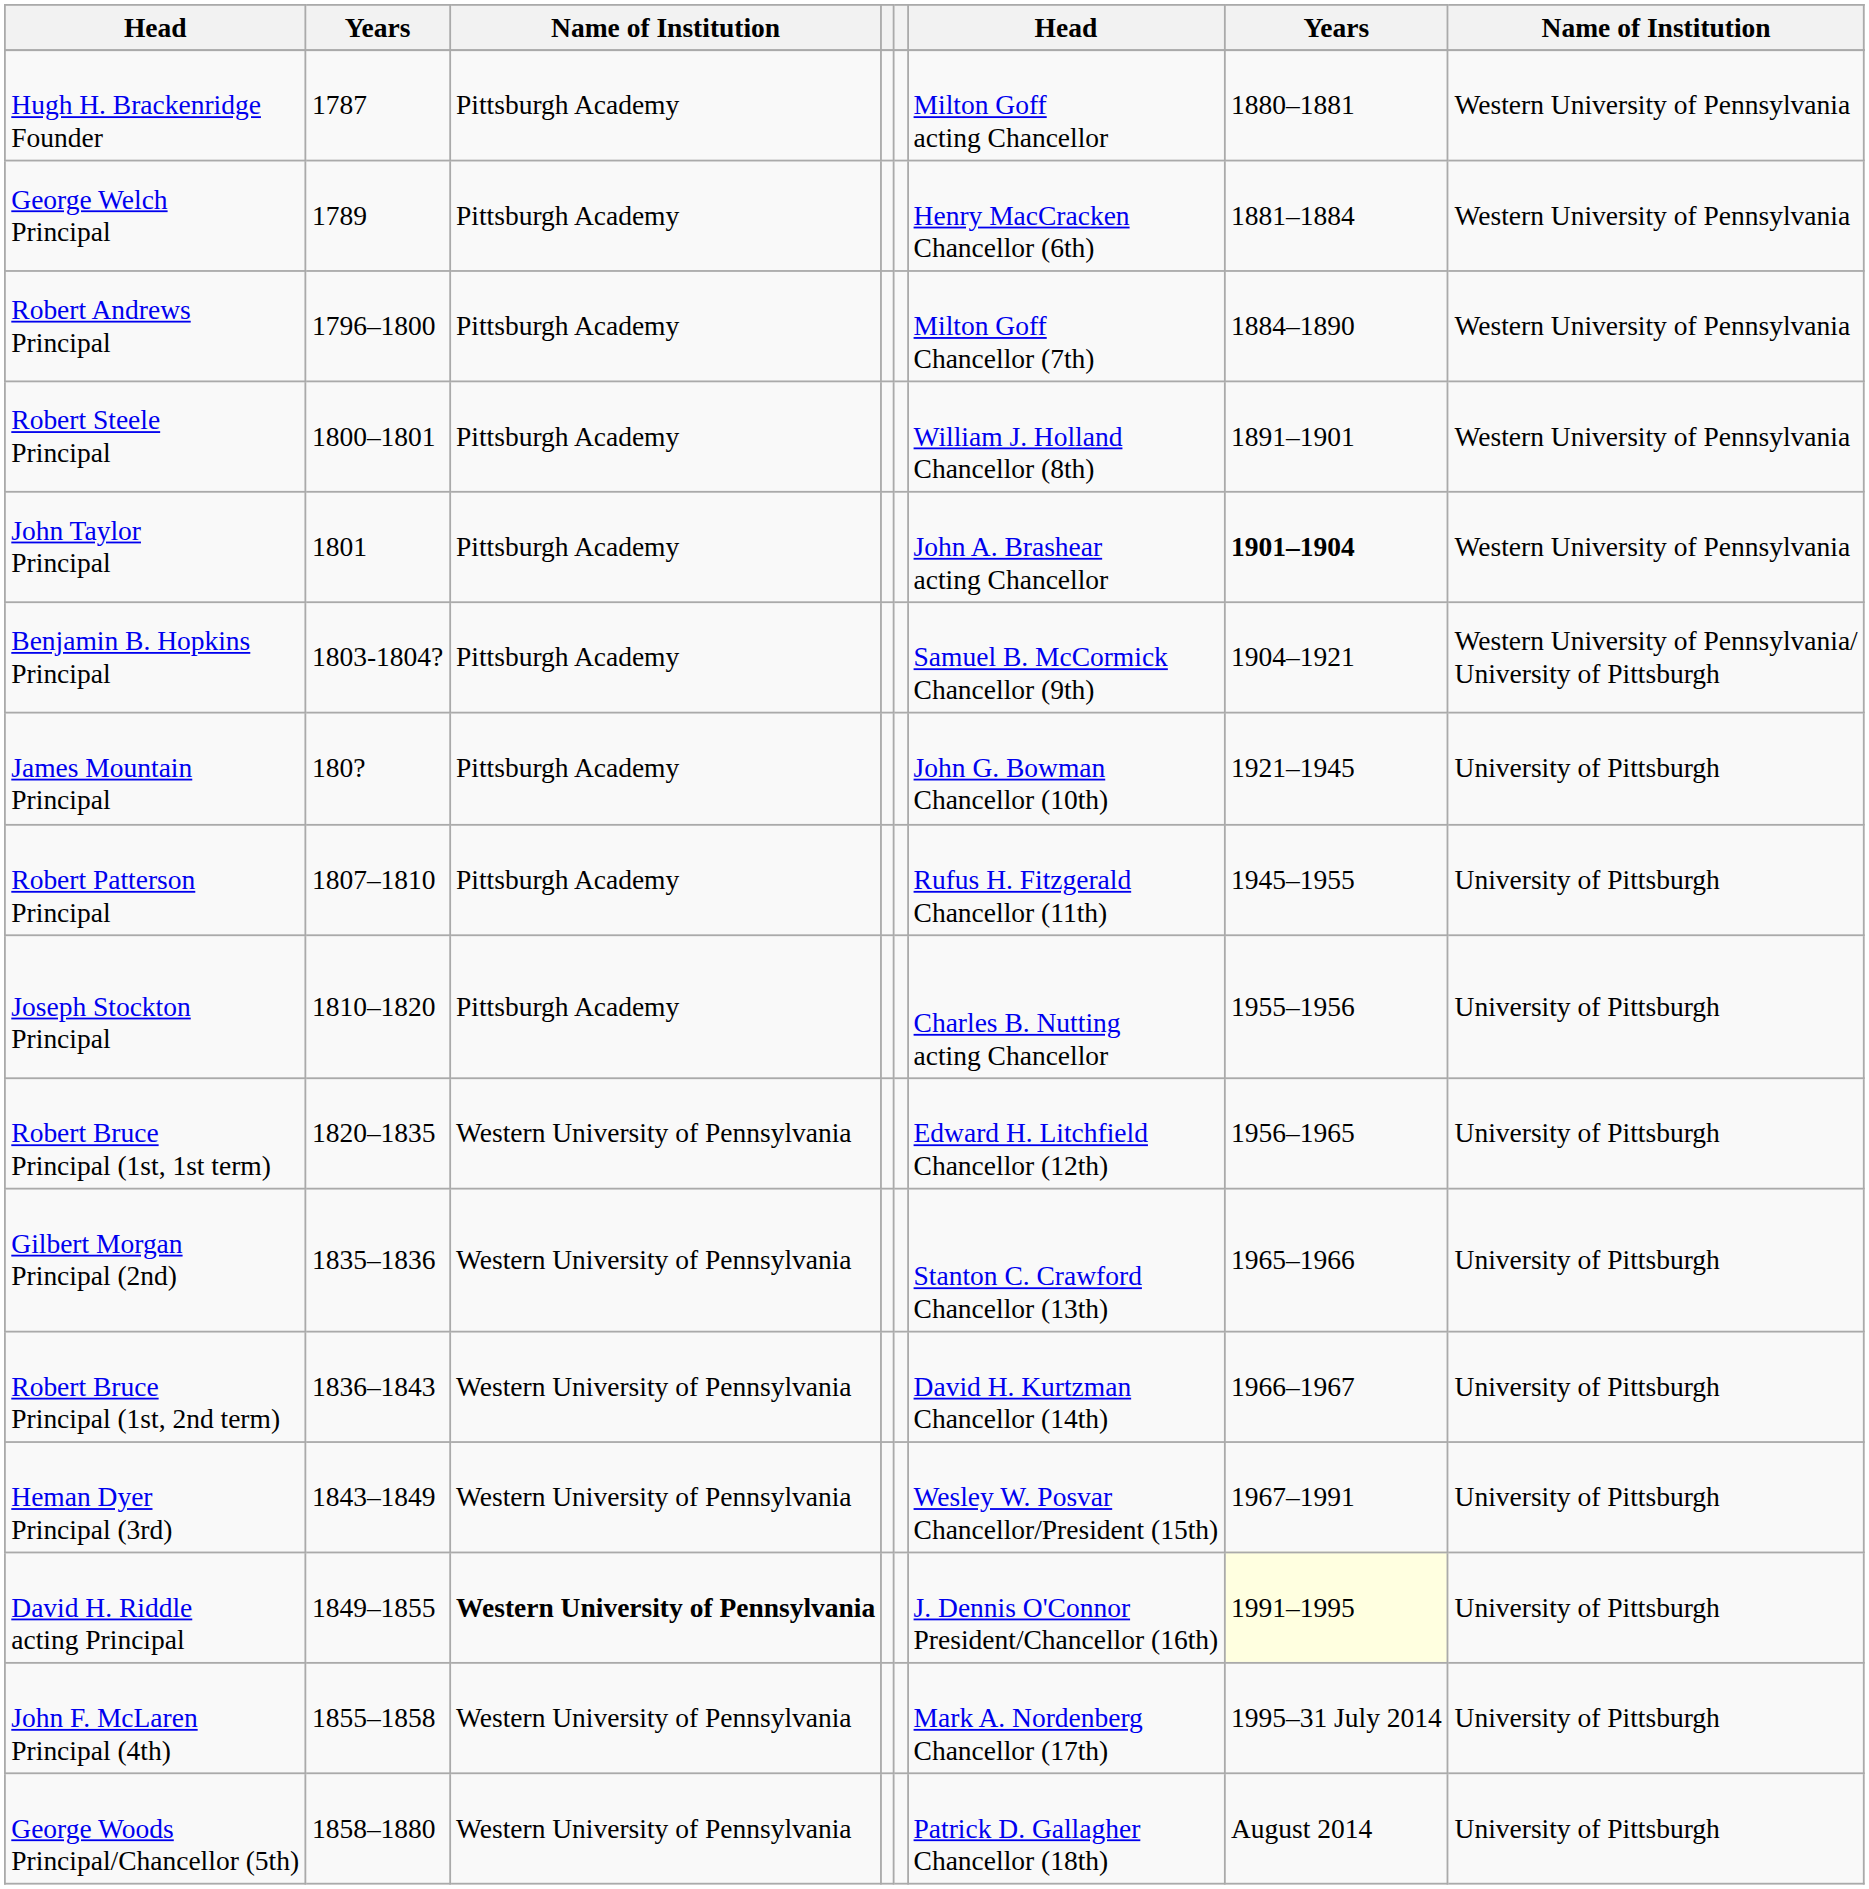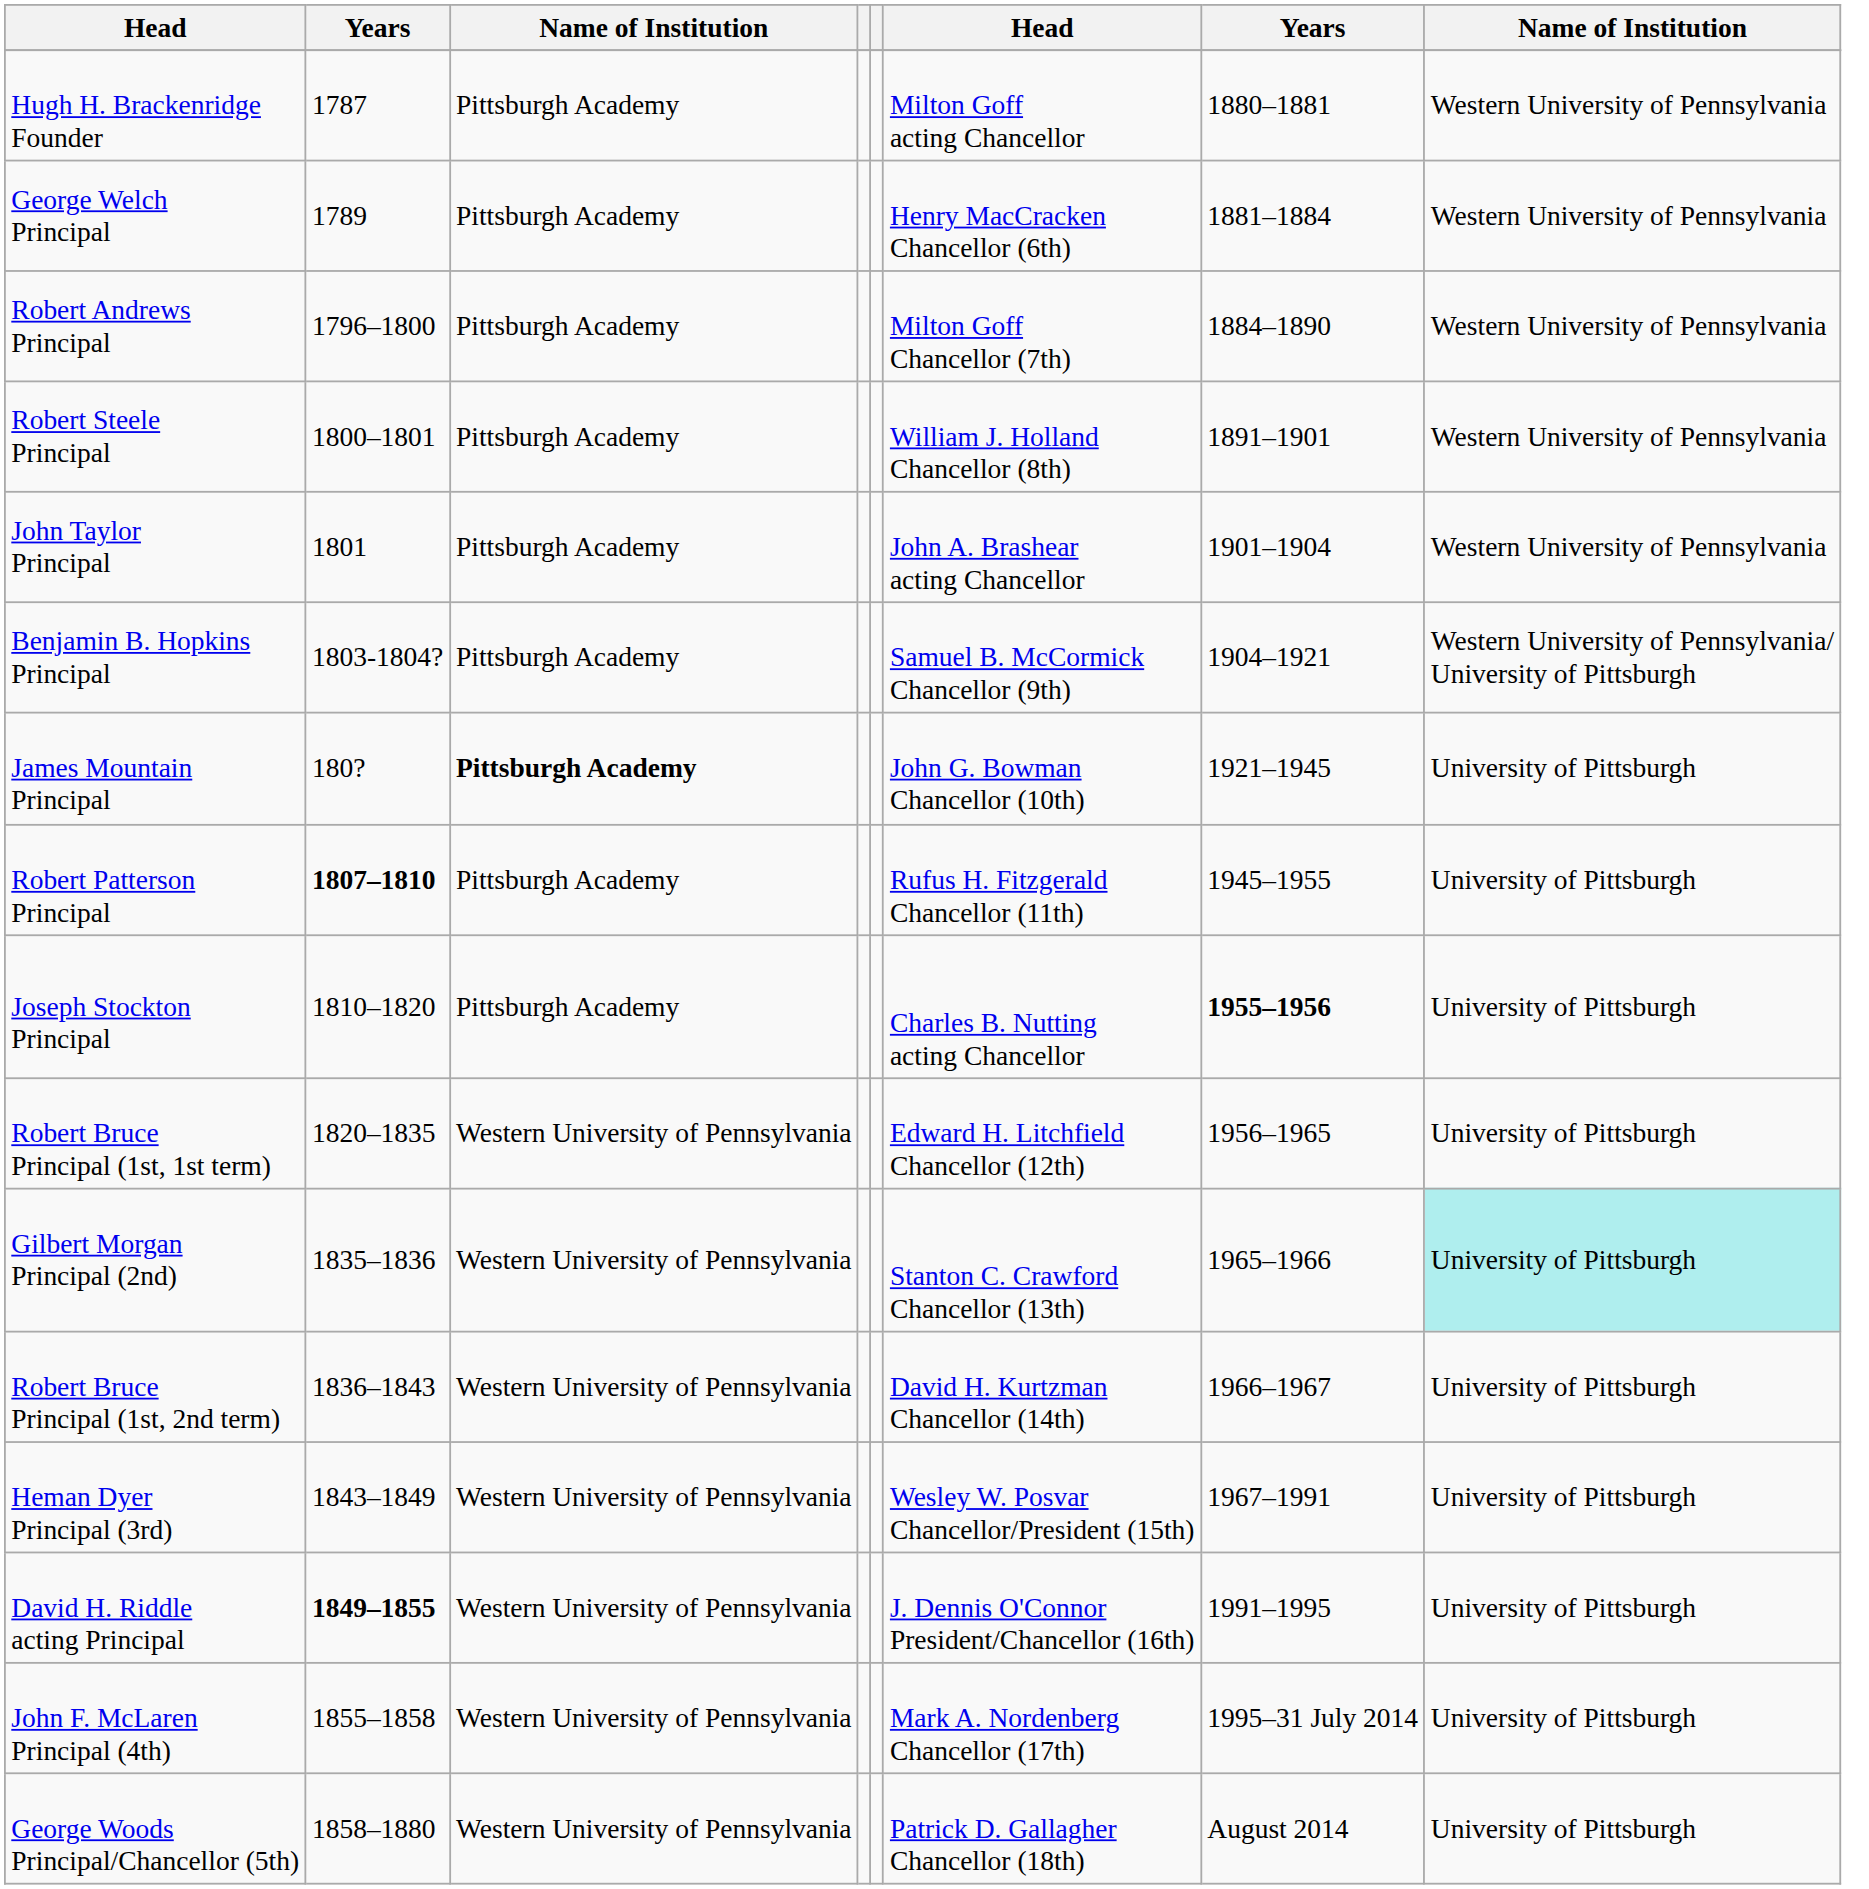 <table class="wikitable" style="font-size: 95%;">
 <tr>
 <th>Head</th>
 <th>Years</th>
 <th>Name of Institution</th>
 <th></th>
 <th></th>
 <th>Head</th>
 <th>Years</th>
 <th>Name of Institution</th>
 </tr>
 <tr>
 </tr>
 <tr>
 <td><br><a href='#'>Hugh H. Brackenridge</a><br>Founder</td>
 <td>1787</td>
 <td>Pittsburgh Academy</td>
 <td></td>
 <td></td>
 <td><br><a href='#'>Milton Goff</a><br>acting Chancellor</td>
 <td>1880–1881</td>
 <td>Western University of Pennsylvania</td>
 </tr>
 <tr>
 <td><a href='#'>George Welch</a><br>Principal</td>
 <td>1789</td>
 <td>Pittsburgh Academy</td>
 <td></td>
 <td></td>
 <td><br><a href='#'>Henry MacCracken</a><br>Chancellor (6th)</td>
 <td>1881–1884</td>
 <td>Western University of Pennsylvania</td>
 </tr>
 <tr>
 <td><a href='#'>Robert Andrews</a><br>Principal</td>
 <td>1796–1800</td>
 <td>Pittsburgh Academy</td>
 <td></td>
 <td></td>
 <td><br><a href='#'>Milton Goff</a><br>Chancellor (7th)</td>
 <td>1884–1890</td>
 <td>Western University of Pennsylvania</td>
 </tr>
 <tr>
 <td><a href='#'>Robert Steele</a><br>Principal</td>
 <td>1800–1801</td>
 <td>Pittsburgh Academy</td>
 <td></td>
 <td></td>
 <td><br><a href='#'>William J. Holland</a><br>Chancellor (8th)</td>
 <td>1891–1901</td>
 <td>Western University of Pennsylvania</td>
 </tr>
 <tr>
 <td><a href='#'>John Taylor</a><br>Principal</td>
 <td>1801</td>
 <td>Pittsburgh Academy</td>
 <td></td>
 <td></td>
 <td><br><a href='#'>John A. Brashear</a><br>acting Chancellor</td>
-<td><strong>1901–1904</strong></td>
+<td>1901–1904</td>
 <td>Western University of Pennsylvania</td>
 </tr>
 <tr>
 <td><a href='#'>Benjamin B. Hopkins</a><br>Principal</td>
 <td>1803-1804?</td>
 <td>Pittsburgh Academy</td>
 <td></td>
 <td></td>
 <td><br><a href='#'>Samuel B. McCormick</a><br>Chancellor (9th)</td>
 <td>1904–1921</td>
 <td>Western University of Pennsylvania/<br>University of Pittsburgh</td>
 </tr>
 <tr>
 <td><br><a href='#'>James Mountain</a><br>Principal</td>
 <td>180?</td>
-<td>Pittsburgh Academy</td>
+<td><strong>Pittsburgh Academy</strong></td>
 <td></td>
 <td></td>
 <td><br><a href='#'>John G. Bowman</a><br>Chancellor (10th)</td>
 <td>1921–1945</td>
 <td>University of Pittsburgh</td>
 </tr>
 <tr>
 <td><br><a href='#'>Robert Patterson</a><br>Principal</td>
-<td>1807–1810</td>
+<td><strong>1807–1810</strong></td>
 <td>Pittsburgh Academy</td>
 <td></td>
 <td></td>
 <td><br><a href='#'>Rufus H. Fitzgerald</a><br>Chancellor (11th)</td>
 <td>1945–1955</td>
 <td>University of Pittsburgh</td>
 </tr>
 <tr>
 <td><br><a href='#'>Joseph Stockton</a><br>Principal</td>
 <td>1810–1820</td>
 <td>Pittsburgh Academy</td>
 <td></td>
 <td></td>
 <td><br><br><a href='#'>Charles B. Nutting</a><br>acting Chancellor</td>
-<td>1955–1956</td>
+<td><strong>1955–1956</strong></td>
 <td>University of Pittsburgh</td>
 </tr>
 <tr>
 <td><br><a href='#'>Robert Bruce</a><br>Principal (1st, 1st term)</td>
 <td>1820–1835</td>
 <td>Western University of Pennsylvania</td>
 <td></td>
 <td></td>
 <td><br><a href='#'>Edward H. Litchfield</a><br>Chancellor (12th)</td>
 <td>1956–1965</td>
 <td>University of Pittsburgh</td>
 </tr>
 <tr>
 <td><a href='#'>Gilbert Morgan</a><br>Principal (2nd)</td>
 <td>1835–1836</td>
 <td>Western University of Pennsylvania</td>
 <td></td>
 <td></td>
 <td><br><br><a href='#'>Stanton C. Crawford</a><br>Chancellor (13th)</td>
 <td>1965–1966</td>
-<td>University of Pittsburgh</td>
+<td style="background: paleturquoise;">University of Pittsburgh</td>
 </tr>
 <tr>
 <td><br><a href='#'>Robert Bruce</a><br>Principal (1st, 2nd term)</td>
 <td>1836–1843</td>
 <td>Western University of Pennsylvania</td>
 <td></td>
 <td></td>
 <td><br><a href='#'>David H. Kurtzman</a><br>Chancellor (14th)</td>
 <td>1966–1967</td>
 <td>University of Pittsburgh</td>
 </tr>
 <tr>
 <td><br><a href='#'>Heman Dyer</a><br>Principal (3rd)</td>
 <td>1843–1849</td>
 <td>Western University of Pennsylvania</td>
 <td></td>
 <td></td>
 <td><br><a href='#'>Wesley W. Posvar</a><br>Chancellor/President (15th)</td>
 <td>1967–1991</td>
 <td>University of Pittsburgh</td>
 </tr>
 <tr>
 <td><br><a href='#'>David H. Riddle</a><br>acting Principal</td>
-<td>1849–1855</td>
-<td><strong>Western University of Pennsylvania</strong></td>
+<td><strong>1849–1855</strong></td>
+<td>Western University of Pennsylvania</td>
 <td></td>
 <td></td>
 <td><br><a href='#'>J. Dennis O'Connor</a><br>President/Chancellor (16th)</td>
-<td style="background: lightyellow;">1991–1995</td>
+<td>1991–1995</td>
 <td>University of Pittsburgh</td>
 </tr>
 <tr>
 <td><br><a href='#'>John F. McLaren</a><br>Principal (4th)</td>
 <td>1855–1858</td>
 <td>Western University of Pennsylvania</td>
 <td></td>
 <td></td>
 <td><br><a href='#'>Mark A. Nordenberg</a><br>Chancellor (17th)</td>
 <td>1995–31 July 2014</td>
 <td>University of Pittsburgh</td>
 </tr>
 <tr>
 <td><br><a href='#'>George Woods</a><br>Principal/Chancellor (5th)</td>
 <td>1858–1880</td>
 <td>Western University of Pennsylvania</td>
 <td></td>
 <td></td>
 <td><br><a href='#'>Patrick D. Gallagher</a><br>Chancellor (18th)</td>
 <td>August 2014</td>
 <td>University of Pittsburgh</td>
 </tr>
 </table>
